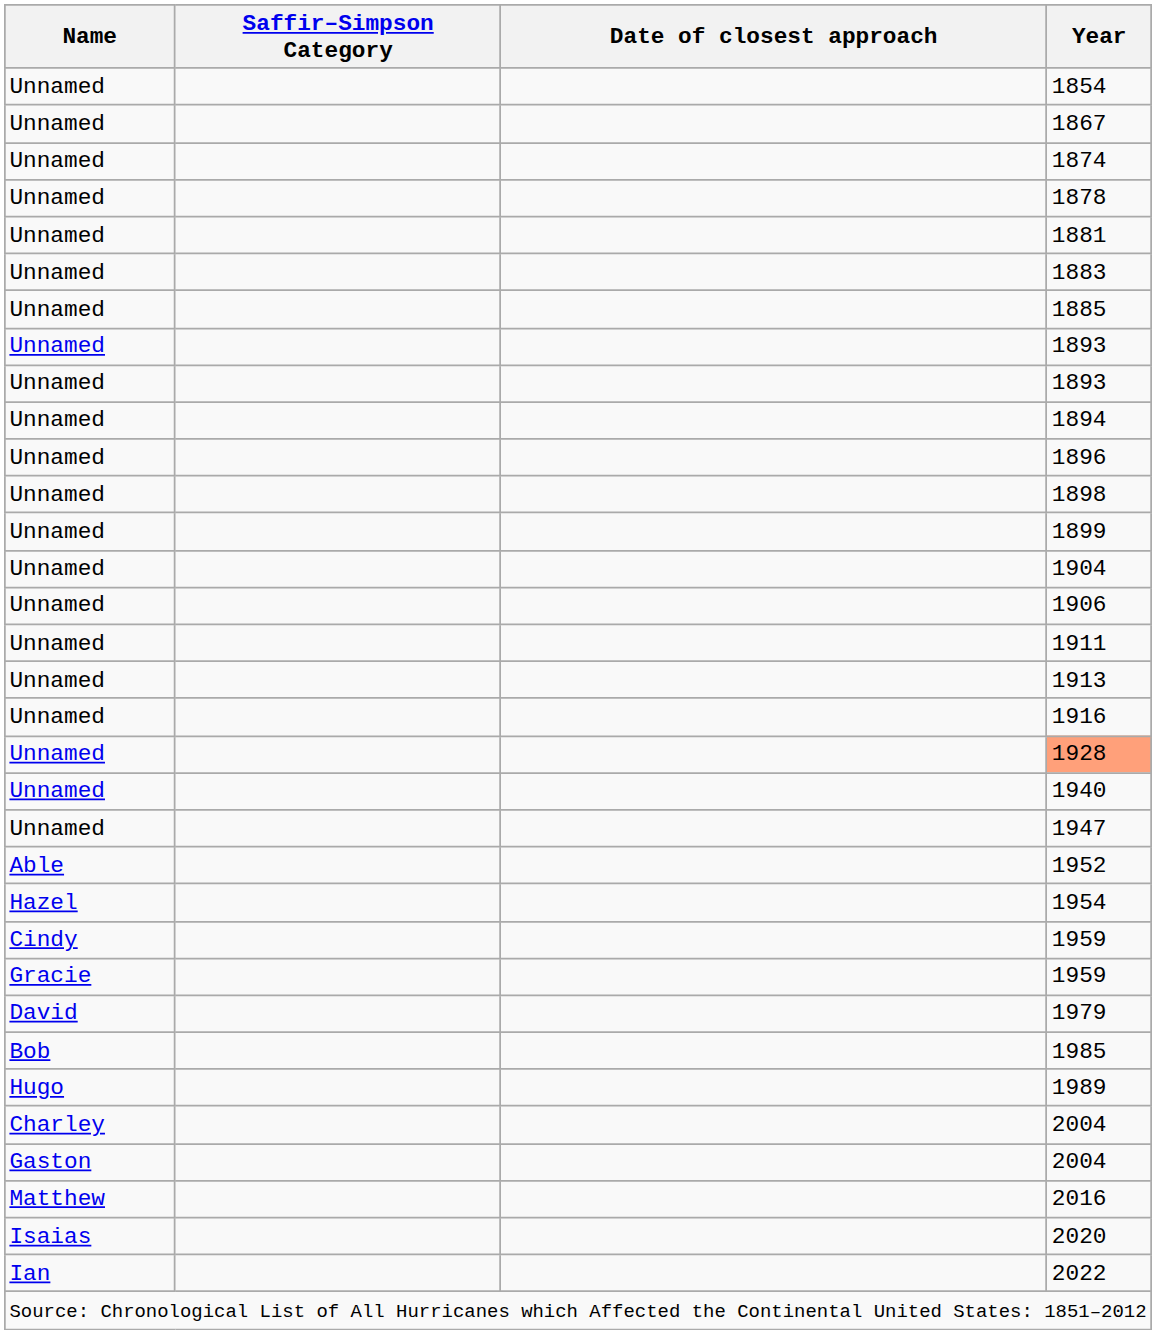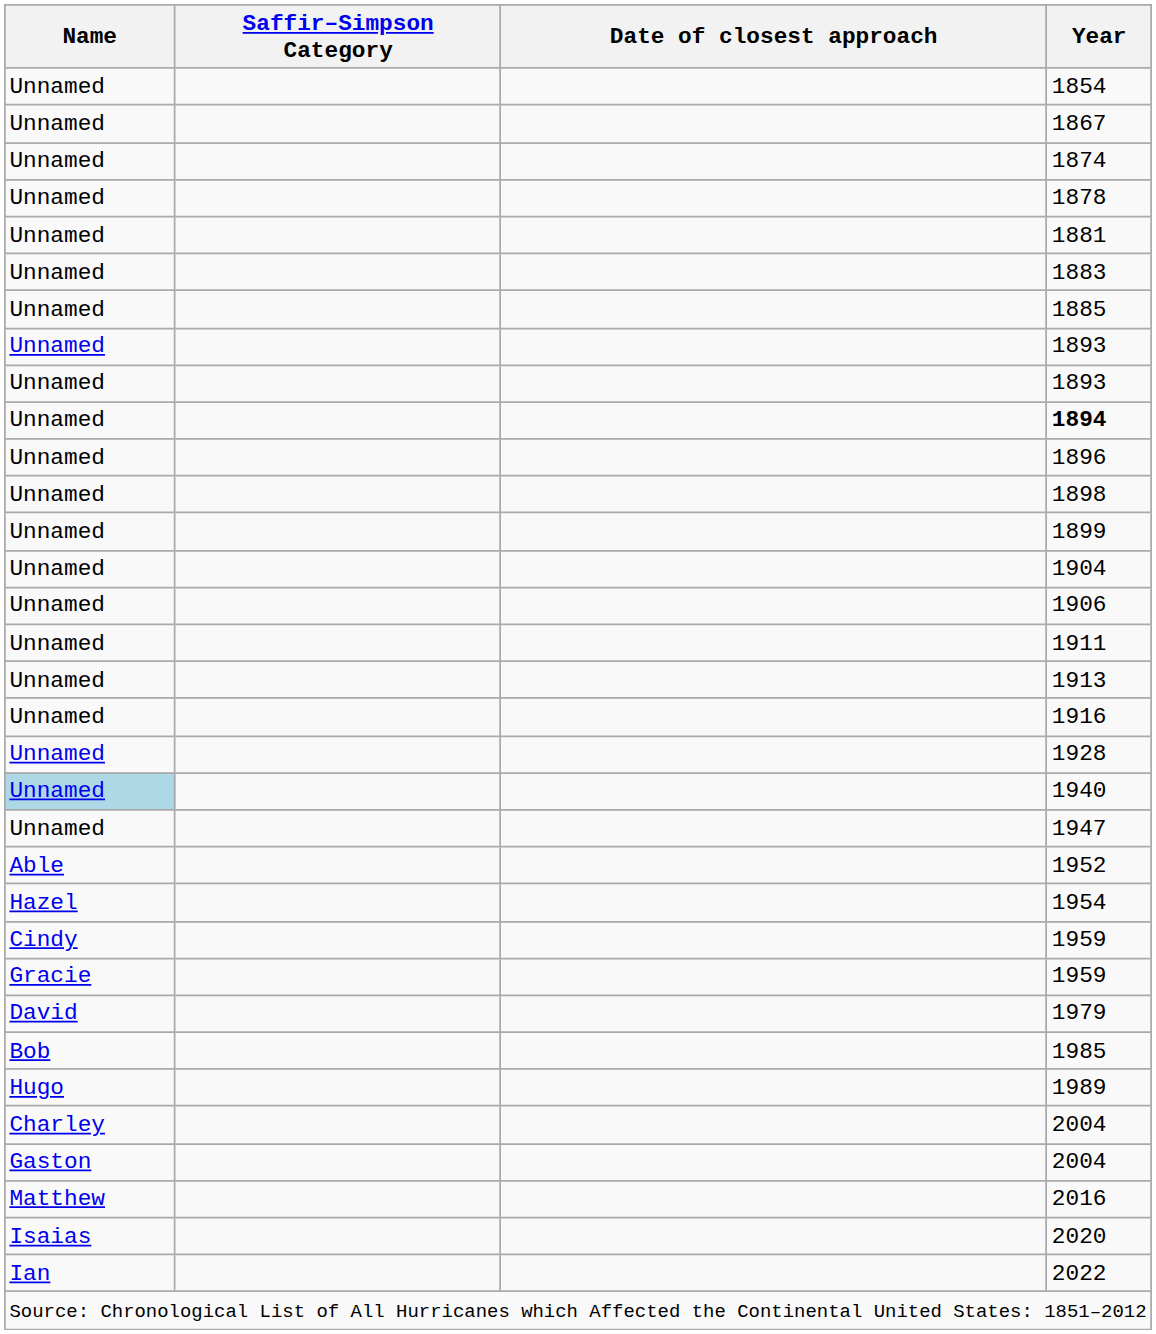 <table class = "wikitable" style="margin:1em auto;">
 <tr>
 <th>Name</th>
 <th><a href='#'>Saffir–Simpson</a><br>Category</th>
 <th>Date of closest approach</th>
 <th>Year</th>
 </tr>
 <tr>
 <td>Unnamed</td>
 <td></td>
 <td></td>
 <td>1854</td>
 </tr>
 <tr>
 <td>Unnamed</td>
 <td></td>
 <td></td>
 <td>1867</td>
 </tr>
 <tr>
 <td>Unnamed</td>
 <td></td>
 <td></td>
 <td>1874</td>
 </tr>
 <tr>
 <td>Unnamed</td>
 <td></td>
 <td></td>
 <td>1878</td>
 </tr>
 <tr>
 <td>Unnamed</td>
 <td></td>
 <td></td>
 <td>1881</td>
 </tr>
 <tr>
 <td>Unnamed</td>
 <td></td>
 <td></td>
 <td>1883</td>
 </tr>
 <tr>
 <td>Unnamed</td>
 <td></td>
 <td></td>
 <td>1885</td>
 </tr>
 <tr>
 <td><a href='#'>Unnamed</a></td>
 <td></td>
 <td></td>
 <td>1893</td>
 </tr>
 <tr>
 <td>Unnamed</td>
 <td></td>
 <td></td>
 <td>1893</td>
 </tr>
 <tr>
 <td>Unnamed</td>
 <td></td>
 <td></td>
-<td>1894</td>
+<td><strong>1894</strong></td>
 </tr>
 <tr>
 <td>Unnamed</td>
 <td></td>
 <td></td>
 <td>1896</td>
 </tr>
 <tr>
 <td>Unnamed</td>
 <td></td>
 <td></td>
 <td>1898</td>
 </tr>
 <tr>
 <td>Unnamed</td>
 <td></td>
 <td></td>
 <td>1899</td>
 </tr>
 <tr>
 <td>Unnamed</td>
 <td></td>
 <td></td>
 <td>1904</td>
 </tr>
 <tr>
 <td>Unnamed</td>
 <td></td>
 <td></td>
 <td>1906</td>
 </tr>
 <tr>
 <td>Unnamed</td>
 <td></td>
 <td></td>
 <td>1911</td>
 </tr>
 <tr>
 <td>Unnamed</td>
 <td></td>
 <td></td>
 <td>1913</td>
 </tr>
 <tr>
 <td>Unnamed</td>
 <td></td>
 <td></td>
 <td>1916</td>
 </tr>
 <tr>
 <td><a href='#'>Unnamed</a></td>
 <td></td>
 <td></td>
-<td style="background: lightsalmon;">1928</td>
+<td>1928</td>
 </tr>
 <tr>
-<td><a href='#'>Unnamed</a></td>
+<td style="background: lightblue;"><a href='#'>Unnamed</a></td>
 <td></td>
 <td></td>
 <td>1940</td>
 </tr>
 <tr>
 <td>Unnamed</td>
 <td></td>
 <td></td>
 <td>1947</td>
 </tr>
 <tr>
 <td><a href='#'>Able</a></td>
 <td></td>
 <td></td>
 <td>1952</td>
 </tr>
 <tr>
 <td><a href='#'>Hazel</a></td>
 <td></td>
 <td></td>
 <td>1954</td>
 </tr>
 <tr>
 <td><a href='#'>Cindy</a></td>
 <td></td>
 <td></td>
 <td>1959</td>
 </tr>
 <tr>
 <td><a href='#'>Gracie</a></td>
 <td></td>
 <td></td>
 <td>1959</td>
 </tr>
 <tr>
 <td><a href='#'>David</a></td>
 <td></td>
 <td></td>
 <td>1979</td>
 </tr>
 <tr>
 <td><a href='#'>Bob</a></td>
 <td></td>
 <td></td>
 <td>1985</td>
 </tr>
 <tr>
 <td><a href='#'>Hugo</a></td>
 <td></td>
 <td></td>
 <td>1989</td>
 </tr>
 <tr>
 <td><a href='#'>Charley</a></td>
 <td></td>
 <td></td>
 <td>2004</td>
 </tr>
 <tr>
 <td><a href='#'>Gaston</a></td>
 <td></td>
 <td></td>
 <td>2004</td>
 </tr>
 <tr>
 <td><a href='#'>Matthew</a></td>
 <td></td>
 <td></td>
 <td>2016</td>
 </tr>
 <tr>
 <td><a href='#'>Isaias</a></td>
 <td></td>
 <td></td>
 <td>2020</td>
 </tr>
 <tr>
 <td><a href='#'>Ian</a></td>
 <td></td>
 <td></td>
 <td>2022</td>
 </tr>
 <tr>
 <td colspan="9"><small>Source: Chronological List of All Hurricanes which Affected the Continental United States: 1851–2012</small></td>
 </tr>
 </table>
